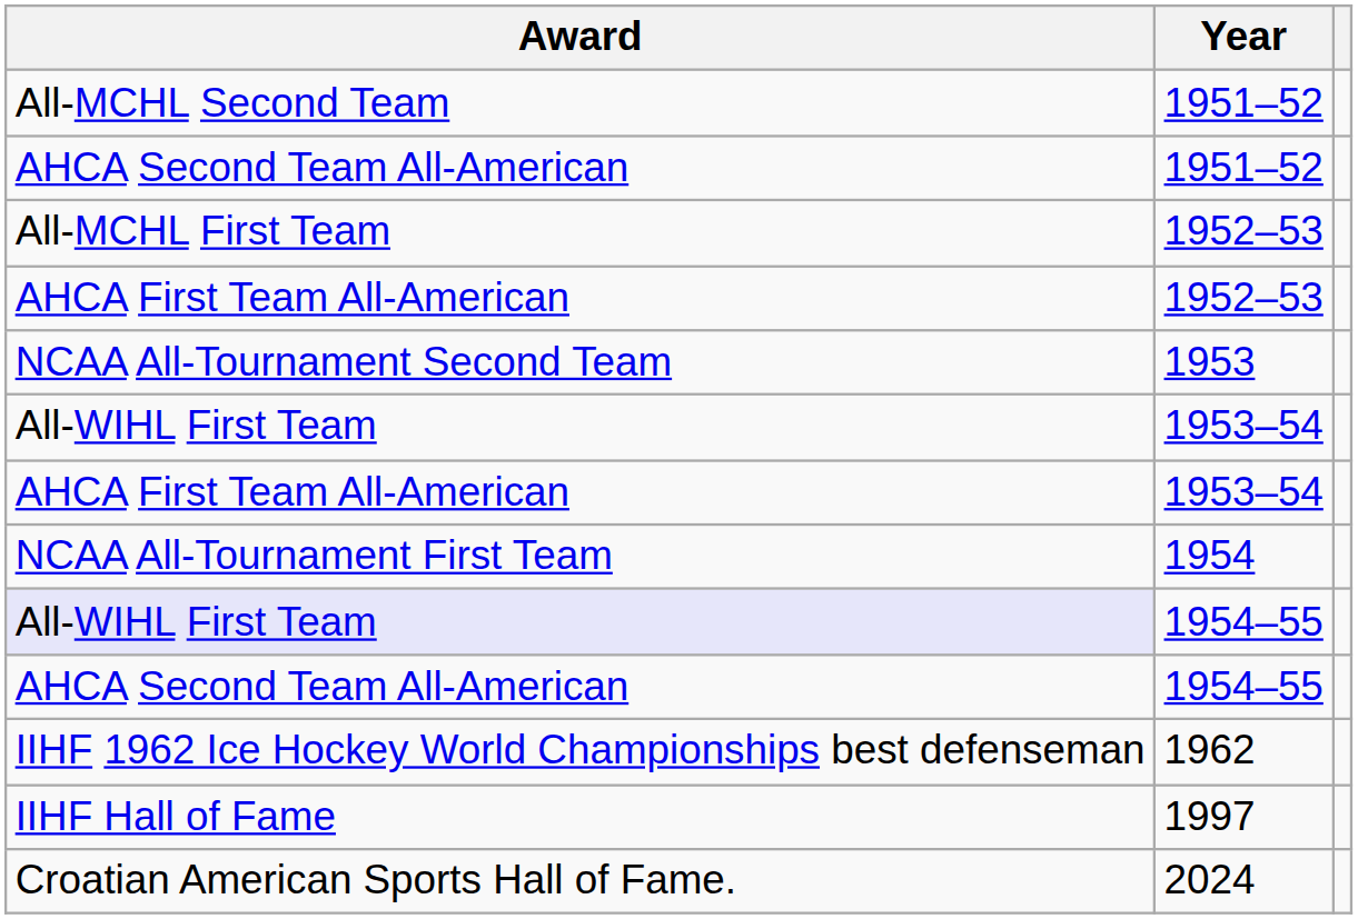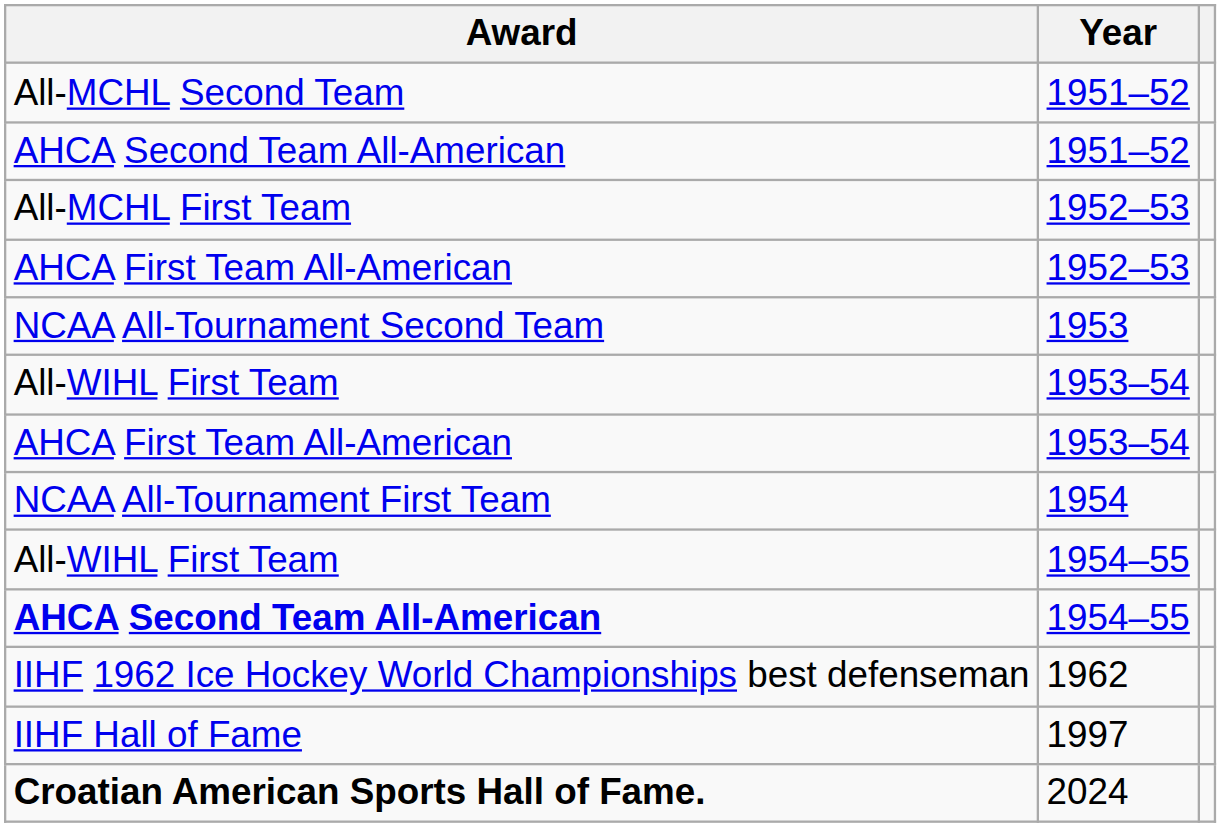 <table class="wikitable">
 <tr>
 <th>Award</th>
 <th>Year</th>
 <th></th>
 </tr>
 <tr>
 <td>All-<a href='#'>MCHL</a> <a href='#'>Second Team</a></td>
 <td><a href='#'>1951–52</a></td>
 <td></td>
 </tr>
 <tr>
 <td><a href='#'>AHCA</a> <a href='#'>Second Team All-American</a></td>
 <td><a href='#'>1951–52</a></td>
 <td></td>
 </tr>
 <tr>
 <td>All-<a href='#'>MCHL</a> <a href='#'>First Team</a></td>
 <td><a href='#'>1952–53</a></td>
 <td></td>
 </tr>
 <tr>
 <td><a href='#'>AHCA</a> <a href='#'>First Team All-American</a></td>
 <td><a href='#'>1952–53</a></td>
 <td></td>
 </tr>
 <tr>
 <td><a href='#'>NCAA</a> <a href='#'>All-Tournament Second Team</a></td>
 <td><a href='#'>1953</a></td>
 <td></td>
 </tr>
 <tr>
 <td>All-<a href='#'>WIHL</a> <a href='#'>First Team</a></td>
 <td><a href='#'>1953–54</a></td>
 <td></td>
 </tr>
 <tr>
 <td><a href='#'>AHCA</a> <a href='#'>First Team All-American</a></td>
 <td><a href='#'>1953–54</a></td>
 <td></td>
 </tr>
 <tr>
 <td><a href='#'>NCAA</a> <a href='#'>All-Tournament First Team</a></td>
 <td><a href='#'>1954</a></td>
 <td></td>
 </tr>
 <tr>
-<td style="background: lavender;">All-<a href='#'>WIHL</a> <a href='#'>First Team</a></td>
+<td>All-<a href='#'>WIHL</a> <a href='#'>First Team</a></td>
 <td><a href='#'>1954–55</a></td>
 <td></td>
 </tr>
 <tr>
-<td><a href='#'>AHCA</a> <a href='#'>Second Team All-American</a></td>
+<td><strong><a href='#'>AHCA</a> <a href='#'>Second Team All-American</a></strong></td>
 <td><a href='#'>1954–55</a></td>
 <td></td>
 </tr>
 <tr>
 <td><a href='#'>IIHF</a> <a href='#'>1962 Ice Hockey World Championships</a> best defenseman</td>
 <td>1962</td>
 <td></td>
 </tr>
 <tr>
 <td><a href='#'>IIHF Hall of Fame</a></td>
 <td>1997</td>
 <td></td>
 </tr>
 <tr>
-<td>Croatian American Sports Hall of Fame.</td>
+<td><strong>Croatian American Sports Hall of Fame.</strong></td>
 <td>2024</td>
 <td></td>
 </tr>
 </table>
